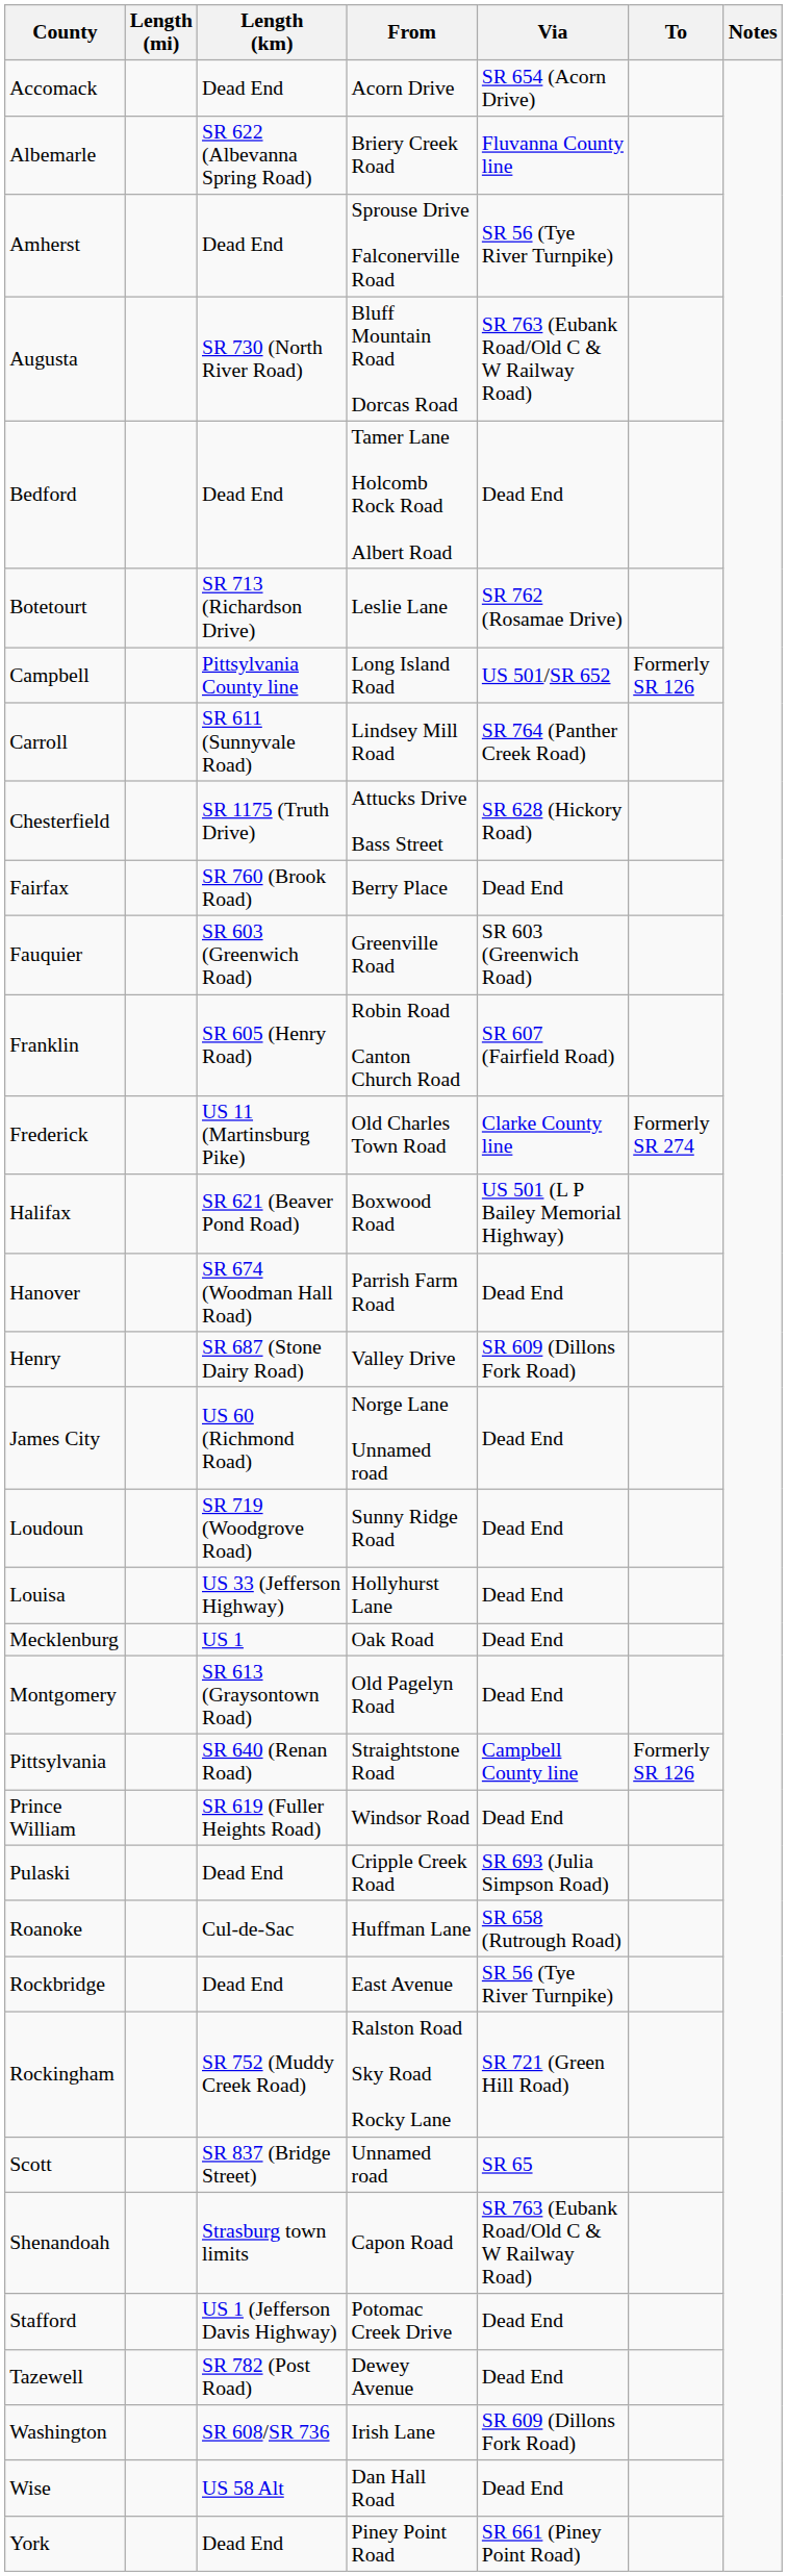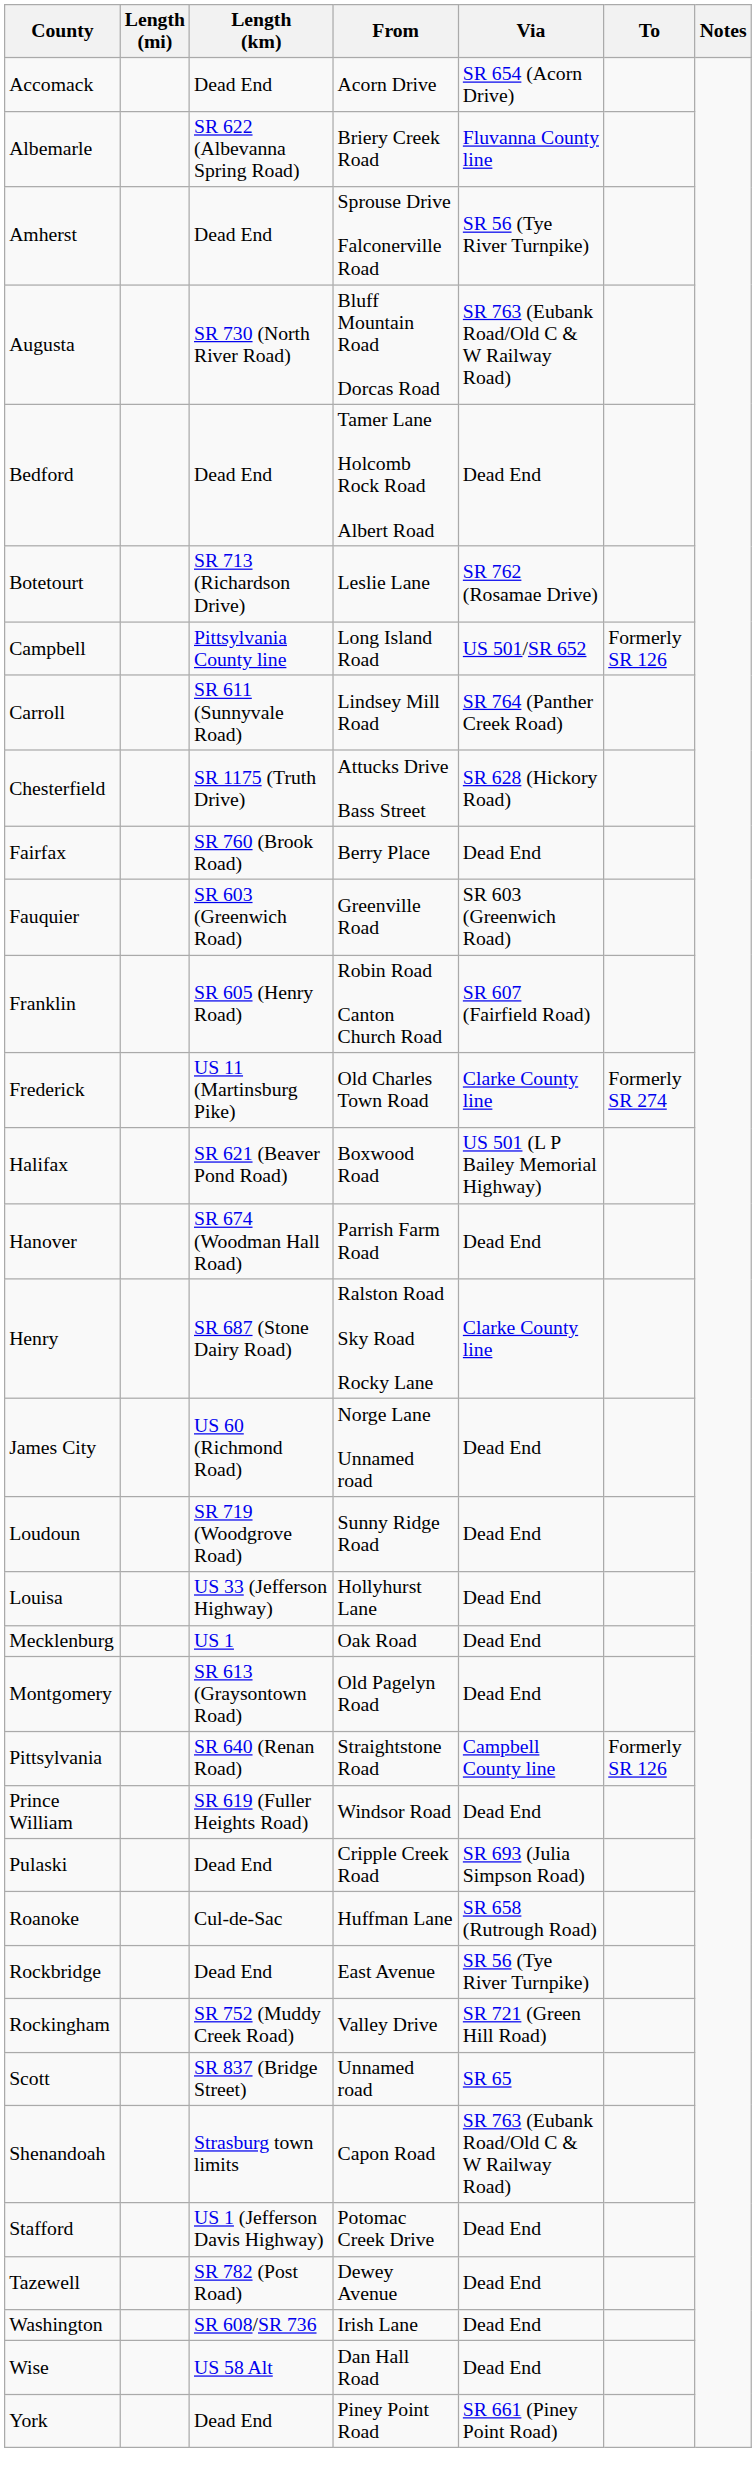 <table class="wikitable sortable">
 <tr>
 <th>County</th>
 <th>Length<br>(mi)</th>
 <th>Length<br>(km)</th>
 <th class="unsortable">From</th>
 <th class="unsortable">Via</th>
 <th class="unsortable">To</th>
 <th class="unsortable">Notes</th>
 </tr>
 <tr>
 <td id="Accomack">Accomack</td>
 <td></td>
 <td>Dead End</td>
 <td>Acorn Drive</td>
 <td><a href='#'>SR 654</a> (Acorn Drive)</td>
 <td></td>
 </tr>
 <tr>
 <td id="Albemarle">Albemarle</td>
 <td></td>
 <td><a href='#'>SR 622</a> (Albevanna Spring Road)</td>
 <td>Briery Creek Road</td>
 <td><a href='#'>Fluvanna County line</a></td>
 <td><br> </td>
 </tr>
 <tr>
 <td id="Amherst">Amherst</td>
 <td></td>
 <td>Dead End</td>
 <td>Sprouse Drive<br><br>Falconerville Road</td>
 <td><a href='#'>SR 56</a> (Tye River Turnpike)</td>
 <td><br> </td>
 </tr>
 <tr>
 <td id="Augusta">Augusta</td>
 <td></td>
 <td><a href='#'>SR 730</a> (North River Road)</td>
 <td>Bluff Mountain Road<br><br>Dorcas Road</td>
 <td><a href='#'>SR 763</a> (Eubank Road/Old C & W Railway Road)</td>
 <td><br></td>
 </tr>
 <tr>
 <td id="Bedford">Bedford</td>
 <td></td>
 <td>Dead End</td>
 <td>Tamer Lane<br><br>Holcomb Rock Road<br><br>Albert Road</td>
 <td>Dead End</td>
 <td><br></td>
 </tr>
 <tr>
 <td id="Botetourt">Botetourt</td>
 <td></td>
 <td><a href='#'>SR 713</a> (Richardson Drive)</td>
 <td>Leslie Lane</td>
 <td><a href='#'>SR 762</a> (Rosamae Drive)</td>
 <td><br>  </td>
 </tr>
 <tr>
 <td id="Campbell">Campbell</td>
 <td></td>
 <td><a href='#'>Pittsylvania County line</a></td>
 <td>Long Island Road</td>
 <td><a href='#'>US 501</a>/<a href='#'>SR 652</a></td>
 <td>Formerly <a href='#'>SR 126</a><br></td>
 </tr>
 <tr>
 <td id="Carroll">Carroll</td>
 <td></td>
 <td><a href='#'>SR 611</a> (Sunnyvale Road)</td>
 <td>Lindsey Mill Road</td>
 <td><a href='#'>SR 764</a> (Panther Creek Road)</td>
 <td><br> </td>
 </tr>
 <tr>
 <td id="Chesterfield">Chesterfield</td>
 <td></td>
 <td><a href='#'>SR 1175</a> (Truth Drive)</td>
 <td>Attucks Drive<br><br>Bass Street</td>
 <td><a href='#'>SR 628</a> (Hickory Road)</td>
 <td><br>      </td>
 </tr>
 <tr>
 <td id="Fairfax">Fairfax</td>
 <td></td>
 <td><a href='#'>SR 760</a> (Brook Road)</td>
 <td>Berry Place</td>
 <td>Dead End</td>
 <td></td>
 </tr>
 <tr>
 <td id="Fauquier">Fauquier</td>
 <td></td>
 <td><a href='#'>SR 603</a> (Greenwich Road)</td>
 <td>Greenville Road</td>
 <td>SR 603 (Greenwich Road)</td>
 <td><br> </td>
 </tr>
 <tr>
 <td id="Franklin">Franklin</td>
 <td></td>
 <td><a href='#'>SR 605</a> (Henry Road)</td>
 <td>Robin Road<br><br>Canton Church Road</td>
 <td><a href='#'>SR 607</a> (Fairfield Road)</td>
 <td></td>
 </tr>
 <tr>
 <td id="Frederick">Frederick</td>
 <td></td>
 <td><a href='#'>US 11</a> (Martinsburg Pike)</td>
 <td>Old Charles Town Road</td>
 <td><a href='#'>Clarke County line</a></td>
 <td>Formerly <a href='#'>SR 274</a><br>     </td>
 </tr>
 <tr>
 <td id="Halifax">Halifax</td>
 <td></td>
 <td><a href='#'>SR 621</a> (Beaver Pond Road)</td>
 <td>Boxwood Road</td>
 <td><a href='#'>US 501</a> (L P Bailey Memorial Highway)</td>
 <td></td>
 </tr>
 <tr>
 <td id="Hanover">Hanover</td>
 <td></td>
 <td><a href='#'>SR 674</a> (Woodman Hall Road)</td>
 <td>Parrish Farm Road</td>
 <td>Dead End</td>
 <td><br></td>
 </tr>
 <tr>
 <td id="Henry">Henry</td>
 <td></td>
 <td><a href='#'>SR 687</a> (Stone Dairy Road)</td>
-<td>Valley Drive</td>
-<td><a href='#'>SR 609</a> (Dillons Fork Road)</td>
+<td>Ralston Road<br><br>Sky Road<br><br>Rocky Lane</td>
+<td><a href='#'>Clarke County line</a></td>
 <td><br> </td>
 </tr>
 <tr>
 <td id="James City">James City</td>
 <td></td>
 <td><a href='#'>US 60</a> (Richmond Road)</td>
 <td>Norge Lane<br><br>Unnamed road</td>
 <td>Dead End</td>
 <td><br>    </td>
 </tr>
 <tr>
 <td id="Loudoun">Loudoun</td>
 <td></td>
 <td><a href='#'>SR 719</a> (Woodgrove Road)</td>
 <td>Sunny Ridge Road</td>
 <td>Dead End</td>
 <td></td>
 </tr>
 <tr>
 <td id="Louisa">Louisa</td>
 <td></td>
 <td><a href='#'>US 33</a> (Jefferson Highway)</td>
 <td>Hollyhurst Lane</td>
 <td>Dead End</td>
 <td><br>  </td>
 </tr>
 <tr>
 <td id="Mecklenburg">Mecklenburg</td>
 <td></td>
 <td><a href='#'>US 1</a></td>
 <td>Oak Road</td>
 <td>Dead End</td>
 <td><br></td>
 </tr>
 <tr>
 <td id="Montgomery">Montgomery</td>
 <td></td>
 <td><a href='#'>SR 613</a> (Graysontown Road)</td>
 <td>Old Pagelyn Road</td>
 <td>Dead End</td>
 <td><br>       </td>
 </tr>
 <tr>
 <td id="Pittsylvania">Pittsylvania</td>
 <td></td>
 <td><a href='#'>SR 640</a> (Renan Road)</td>
 <td>Straightstone Road</td>
 <td><a href='#'>Campbell County line</a></td>
 <td>Formerly <a href='#'>SR 126</a><br>  </td>
 </tr>
 <tr>
 <td id="Prince William">Prince William</td>
 <td></td>
 <td><a href='#'>SR 619</a> (Fuller Heights Road)</td>
 <td>Windsor Road</td>
 <td>Dead End</td>
 <td></td>
 </tr>
 <tr>
 <td id="Pulaski">Pulaski</td>
 <td></td>
 <td>Dead End</td>
 <td>Cripple Creek Road</td>
 <td><a href='#'>SR 693</a> (Julia Simpson Road)</td>
 <td><br> </td>
 </tr>
 <tr>
 <td id="Roanoke">Roanoke</td>
 <td></td>
 <td>Cul-de-Sac</td>
 <td>Huffman Lane</td>
 <td><a href='#'>SR 658</a> (Rutrough Road)</td>
 <td></td>
 </tr>
 <tr>
 <td id="Rockbridge">Rockbridge</td>
 <td></td>
 <td>Dead End</td>
 <td>East Avenue</td>
 <td><a href='#'>SR 56</a> (Tye River Turnpike)</td>
 <td></td>
 </tr>
 <tr>
 <td id="Rockingham">Rockingham</td>
 <td></td>
 <td><a href='#'>SR 752</a> (Muddy Creek Road)</td>
-<td>Ralston Road<br><br>Sky Road<br><br>Rocky Lane</td>
+<td>Valley Drive</td>
 <td><a href='#'>SR 721</a> (Green Hill Road)</td>
 <td><br></td>
 </tr>
 <tr>
 <td id="Scott">Scott</td>
 <td></td>
 <td><a href='#'>SR 837</a> (Bridge Street)</td>
 <td>Unnamed road</td>
 <td><a href='#'>SR 65</a></td>
 <td></td>
 </tr>
 <tr>
 <td id="Shenandoah">Shenandoah</td>
 <td></td>
 <td><a href='#'>Strasburg</a> town limits</td>
 <td>Capon Road</td>
 <td><a href='#'>SR 763</a> (Eubank Road/Old C & W Railway Road)</td>
 <td><br>  </td>
 </tr>
 <tr>
 <td id="Stafford">Stafford</td>
 <td></td>
 <td><a href='#'>US 1</a> (Jefferson Davis Highway)</td>
 <td>Potomac Creek Drive</td>
 <td>Dead End</td>
 <td><br> </td>
 </tr>
 <tr>
 <td id="Tazewell">Tazewell</td>
 <td></td>
 <td><a href='#'>SR 782</a> (Post Road)</td>
 <td>Dewey Avenue</td>
 <td>Dead End</td>
 <td><br></td>
 </tr>
 <tr>
 <td id="Washington">Washington</td>
 <td></td>
 <td><a href='#'>SR 608</a>/<a href='#'>SR 736</a></td>
 <td>Irish Lane</td>
-<td><a href='#'>SR 609</a> (Dillons Fork Road)</td>
+<td>Dead End</td>
 <td><br></td>
 </tr>
 <tr>
 <td id="Wise">Wise</td>
 <td></td>
 <td><a href='#'>US 58 Alt</a></td>
 <td>Dan Hall Road</td>
 <td>Dead End</td>
 <td><br></td>
 </tr>
 <tr>
 <td id="York">York</td>
 <td></td>
 <td>Dead End</td>
 <td>Piney Point Road</td>
 <td><a href='#'>SR 661</a> (Piney Point Road)</td>
 <td></td>
 </tr>
 </table>
